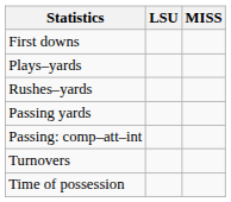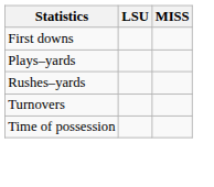 <table class="wikitable" style="float:left">
 <tr>
 <th>Statistics</th>
 <th>LSU</th>
 <th>MISS</th>
 </tr>
 <tr>
 <td>First downs</td>
 <td></td>
 <td></td>
 </tr>
 <tr>
 <td>Plays–yards</td>
 <td></td>
 <td></td>
 </tr>
 <tr>
 <td>Rushes–yards</td>
 <td></td>
 <td></td>
 </tr>
 <tr>
-<td>Passing yards</td>
-<td></td>
-<td></td>
-</tr>
-<tr>
-<td>Passing: comp–att–int</td>
-<td></td>
-<td></td>
-</tr>
-<tr>
 <td>Turnovers</td>
 <td></td>
 <td></td>
 </tr>
 <tr>
 <td>Time of possession</td>
 <td></td>
 <td></td>
 </tr>
 </table>
